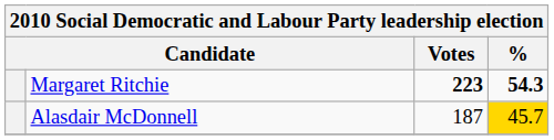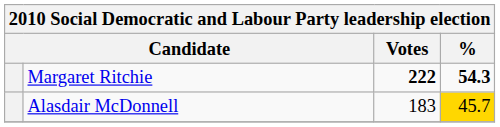 <table class="wikitable">
 <tr>
 <th colspan="4">2010 Social Democratic and Labour Party leadership election</th>
 </tr>
 <tr>
 <th colspan="2" style="width: 170px">Candidate</th>
 <th style="width: 50px">Votes</th>
 <th style="width: 40px">%</th>
 </tr>
 <tr>
 <th style="background-color: "></th>
 <td><a href='#'>Margaret Ritchie</a></td>
-<td align="right"> <strong>223</strong></td>
+<td align="right"> <strong>222</strong></td>
 <td align="right"><strong>54.3</strong></td>
 </tr>
 <tr>
 <th style="background-color: "></th>
 <td><a href='#'>Alasdair McDonnell</a></td>
-<td align="right">187</td>
+<td align="right">183</td>
 <td align="right" style="background: gold;">45.7</td>
 </tr>
 <tr>
 </tr>
 </table>
